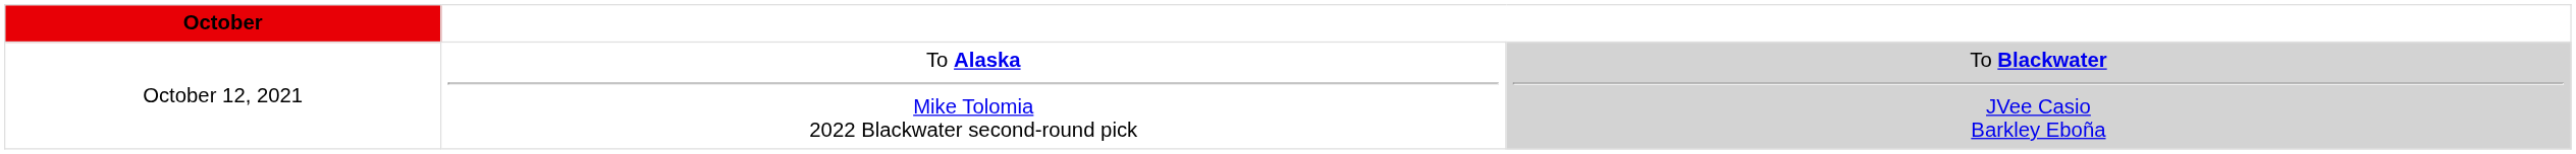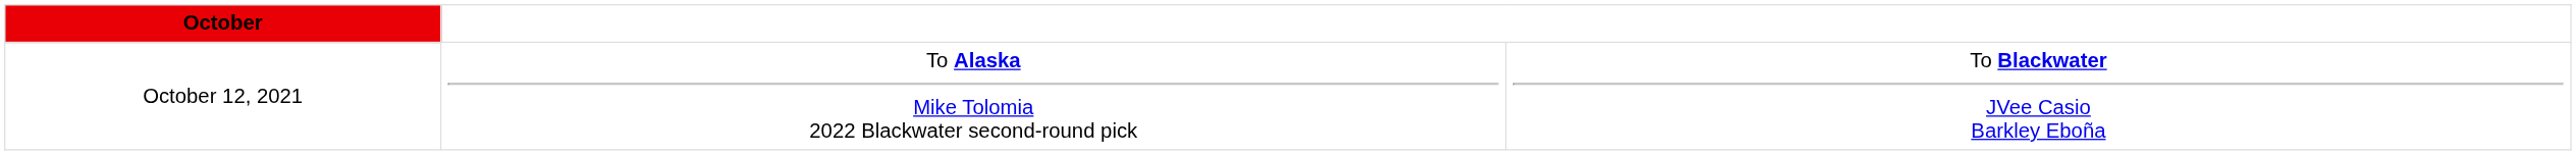 <table border=1 style="border-collapse:collapse; text-align: center; width: 100%" bordercolor="#DFDFDF"  cellpadding="5">
 <tr bgcolor="eeeeee">
 <th style="background:#E80006; color:#000000; ">October</th>
 </tr>
 <tr>
 <td style="width:12%">October 12, 2021</td>
 <td style="width:29.3%" valign="top">To <strong><a href='#'>Alaska</a></strong><hr><a href='#'>Mike Tolomia</a><br>2022 Blackwater second-round pick</td>
-<td style="background: lightgrey; width:29.3%" valign="top">To <strong><a href='#'>Blackwater</a></strong><hr><a href='#'>JVee Casio</a><br><a href='#'>Barkley Eboña</a></td>
+<td style="width:29.3%" valign="top">To <strong><a href='#'>Blackwater</a></strong><hr><a href='#'>JVee Casio</a><br><a href='#'>Barkley Eboña</a></td>
 </tr>
 </table>
